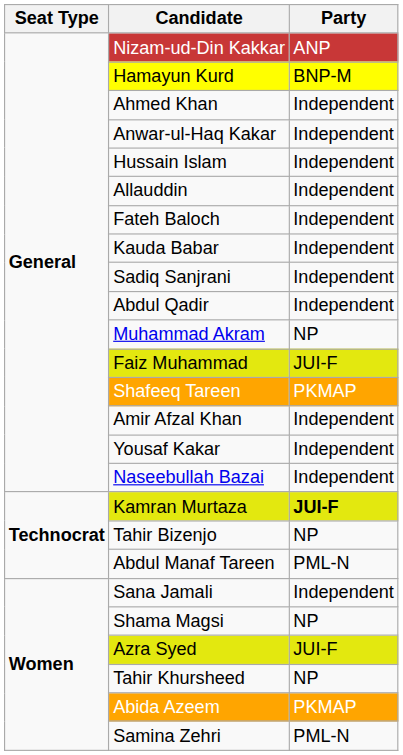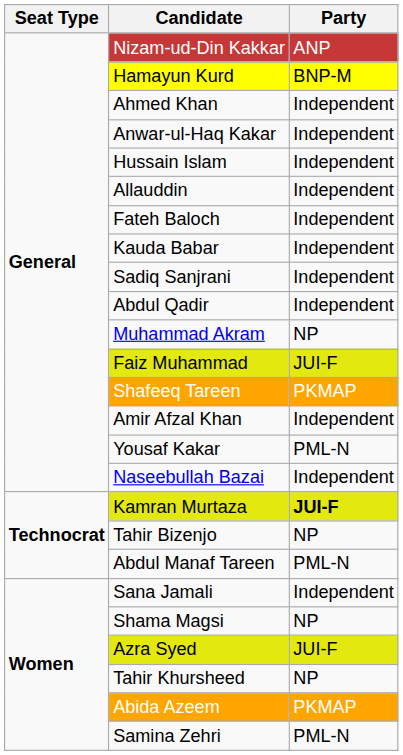 <table class="wikitable">
 <tr>
 <th>Seat Type</th>
 <th>Candidate</th>
 <th>Party</th>
 </tr>
 <tr>
 <td rowspan="16"><strong>General</strong></td>
 <td style="background:#c83737;color:white">Nizam-ud-Din Kakkar</td>
 <td style="background:#c83737;color:white">ANP</td>
 </tr>
 <tr>
 <td style="background:yellow;color:black">Hamayun Kurd</td>
 <td style="background:yellow;color:black">BNP-M</td>
 </tr>
 <tr>
 <td style="background:">Ahmed Khan</td>
 <td style="background:">Independent</td>
 </tr>
 <tr>
 <td style="background:">Anwar-ul-Haq Kakar</td>
 <td style="background:">Independent</td>
 </tr>
 <tr>
 <td style="background:">Hussain Islam</td>
 <td style="background:">Independent</td>
 </tr>
 <tr>
 <td style="background:">Allauddin</td>
 <td style="background:">Independent</td>
 </tr>
 <tr>
 <td style="background:">Fateh Baloch</td>
 <td style="background:">Independent</td>
 </tr>
 <tr>
 <td style="background:">Kauda Babar</td>
 <td style="background:">Independent</td>
 </tr>
 <tr>
 <td style="background:">Sadiq Sanjrani</td>
 <td style="background:">Independent</td>
 </tr>
 <tr>
 <td style="background:">Abdul Qadir</td>
 <td style="background:">Independent</td>
 </tr>
 <tr>
 <td style="background:"><a href='#'>Muhammad Akram</a></td>
 <td style="background:">NP</td>
 </tr>
 <tr>
 <td style="background:#E3E80F">Faiz Muhammad</td>
 <td style="background:#E3E80F">JUI-F</td>
 </tr>
 <tr>
 <td style="background:orange;color:white">Shafeeq Tareen</td>
 <td style="background:orange;color:white">PKMAP</td>
 </tr>
 <tr>
 <td style="background:">Amir Afzal Khan</td>
 <td style="background:">Independent</td>
 </tr>
 <tr>
 <td style="background:">Yousaf Kakar</td>
-<td style="background:">Independent</td>
+<td style="background:">PML-N</td>
 </tr>
 <tr>
 <td style="background:"><a href='#'>Naseebullah Bazai</a></td>
 <td style="background:">Independent</td>
 </tr>
 <tr>
 <td rowspan="3"><strong>Technocrat</strong></td>
 <td style="background:#E3E80F">Kamran Murtaza</td>
 <td style="background:#E3E80F"><strong>JUI-F</strong></td>
 </tr>
 <tr>
 <td style="background:">Tahir Bizenjo</td>
 <td style="background:">NP</td>
 </tr>
 <tr>
 <td style="background:">Abdul Manaf Tareen</td>
 <td style="background:">PML-N</td>
 </tr>
 <tr>
 <td rowspan="6"><strong>Women</strong></td>
 <td style="background:">Sana Jamali</td>
 <td style="background:">Independent</td>
 </tr>
 <tr>
 <td style="background:">Shama Magsi</td>
 <td style="background:">NP</td>
 </tr>
 <tr>
 <td style="background:#E3E80F">Azra Syed</td>
 <td style="background:#E3E80F">JUI-F</td>
 </tr>
 <tr>
 <td style="background:">Tahir Khursheed</td>
 <td style="background:">NP</td>
 </tr>
 <tr>
 <td style="background:orange;color:white">Abida Azeem</td>
 <td style="background:orange;color:white">PKMAP</td>
 </tr>
 <tr>
 <td style="background:">Samina Zehri</td>
 <td style="background:">PML-N</td>
 </tr>
 </table>
